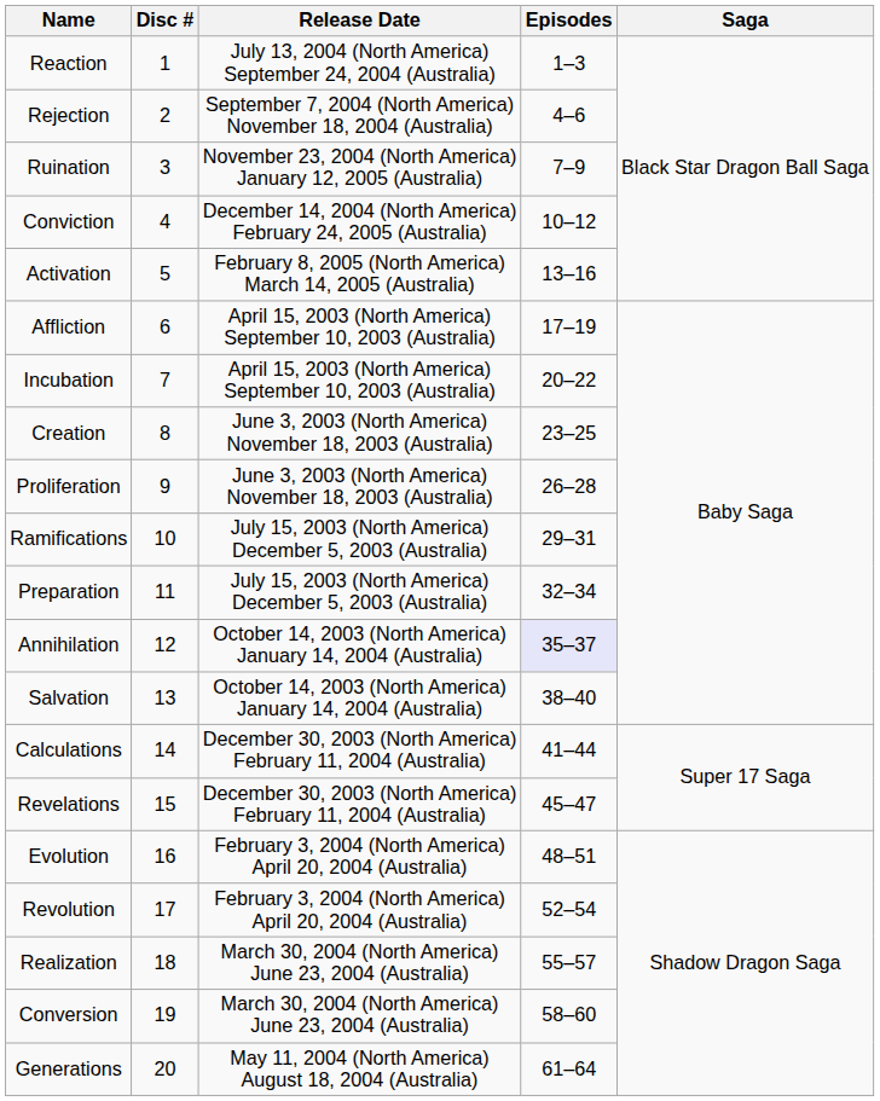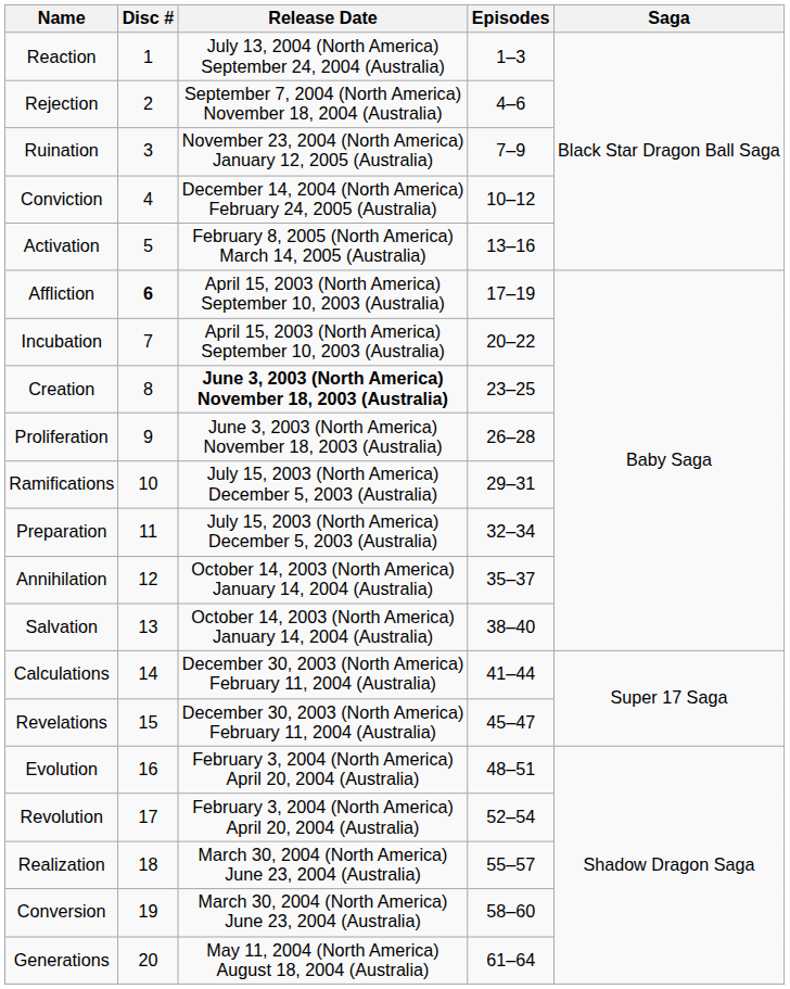 <table class="wikitable" style="text-align:center;">
 <tr>
 <th>Name</th>
 <th>Disc #</th>
 <th>Release Date</th>
 <th>Episodes</th>
 <th>Saga</th>
 </tr>
 <tr>
 <td>Reaction</td>
 <td>1</td>
 <td>July 13, 2004 (North America)<br>September 24, 2004 (Australia)</td>
 <td>1–3</td>
 <td rowspan="5">Black Star Dragon Ball Saga</td>
 </tr>
 <tr>
 <td>Rejection</td>
 <td>2</td>
 <td>September 7, 2004 (North America)<br>November 18, 2004 (Australia)</td>
 <td>4–6</td>
 </tr>
 <tr>
 <td>Ruination</td>
 <td>3</td>
 <td>November 23, 2004 (North America)<br>January 12, 2005 (Australia)</td>
 <td>7–9</td>
 </tr>
 <tr>
 <td>Conviction</td>
 <td>4</td>
 <td>December 14, 2004 (North America)<br>February 24, 2005 (Australia)</td>
 <td>10–12</td>
 </tr>
 <tr>
 <td>Activation</td>
 <td>5</td>
 <td>February 8, 2005 (North America)<br> March 14, 2005 (Australia)</td>
 <td>13–16</td>
 </tr>
 <tr>
 <td>Affliction</td>
-<td>6</td>
+<td><strong>6</strong></td>
 <td>April 15, 2003 (North America)<br>September 10, 2003 (Australia)</td>
 <td>17–19</td>
 <td rowspan="8">Baby Saga</td>
 </tr>
 <tr>
 <td>Incubation</td>
 <td>7</td>
 <td>April 15, 2003 (North America)<br>September 10, 2003 (Australia)</td>
 <td>20–22</td>
 </tr>
 <tr>
 <td>Creation</td>
 <td>8</td>
-<td>June 3, 2003 (North America)<br>November 18, 2003 (Australia)</td>
+<td><strong>June 3, 2003 (North America)<br>November 18, 2003 (Australia)</strong></td>
 <td>23–25</td>
 </tr>
 <tr>
 <td>Proliferation</td>
 <td>9</td>
 <td>June 3, 2003 (North America)<br>November 18, 2003 (Australia)</td>
 <td>26–28</td>
 </tr>
 <tr>
 <td>Ramifications</td>
 <td>10</td>
 <td>July 15, 2003 (North America)<br>December 5, 2003 (Australia)</td>
 <td>29–31</td>
 </tr>
 <tr>
 <td>Preparation</td>
 <td>11</td>
 <td>July 15, 2003 (North America)<br>December 5, 2003 (Australia)</td>
 <td>32–34</td>
 </tr>
 <tr>
 <td>Annihilation</td>
 <td>12</td>
 <td>October 14, 2003 (North America)<br>January 14, 2004 (Australia)</td>
-<td style="background: lavender;">35–37</td>
+<td>35–37</td>
 </tr>
 <tr>
 <td>Salvation</td>
 <td>13</td>
 <td>October 14, 2003 (North America)<br>January 14, 2004 (Australia)</td>
 <td>38–40</td>
 </tr>
 <tr>
 <td>Calculations</td>
 <td>14</td>
 <td>December 30, 2003 (North America)<br>February 11, 2004 (Australia)</td>
 <td>41–44</td>
 <td rowspan="2">Super 17 Saga</td>
 </tr>
 <tr>
 <td>Revelations</td>
 <td>15</td>
 <td>December 30, 2003 (North America)<br>February 11, 2004 (Australia)</td>
 <td>45–47</td>
 </tr>
 <tr>
 <td>Evolution</td>
 <td>16</td>
 <td>February 3, 2004 (North America)<br>April 20, 2004 (Australia)</td>
 <td>48–51</td>
 <td rowspan="5">Shadow Dragon Saga</td>
 </tr>
 <tr>
 <td>Revolution</td>
 <td>17</td>
 <td>February 3, 2004 (North America)<br>April 20, 2004 (Australia)</td>
 <td>52–54</td>
 </tr>
 <tr>
 <td>Realization</td>
 <td>18</td>
 <td>March 30, 2004 (North America)<br>June 23, 2004 (Australia)</td>
 <td>55–57</td>
 </tr>
 <tr>
 <td>Conversion</td>
 <td>19</td>
 <td>March 30, 2004 (North America)<br>June 23, 2004 (Australia)</td>
 <td>58–60</td>
 </tr>
 <tr>
 <td>Generations</td>
 <td>20</td>
 <td>May 11, 2004 (North America)<br>August 18, 2004 (Australia)</td>
 <td>61–64</td>
 </tr>
 </table>
